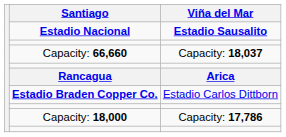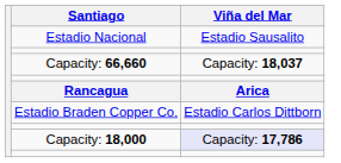 <table class="wikitable" style="text-align:center">
 <tr>
 <th rowspan=10><br></th>
 <th><a href='#'>Santiago</a></th>
 <th><a href='#'>Viña del Mar</a></th>
 </tr>
 <tr>
-<td><strong><a href='#'>Estadio Nacional</a></strong></td>
-<td><strong><a href='#'>Estadio Sausalito</a></strong></td>
+<td><a href='#'>Estadio Nacional</a></td>
+<td><a href='#'>Estadio Sausalito</a></td>
 </tr>
 <tr>
 <td></td>
 <td></td>
 </tr>
 <tr>
 <td>Capacity: <strong>66,660</strong></td>
 <td>Capacity: <strong>18,037</strong></td>
 </tr>
 <tr>
 <td></td>
 <td></td>
 </tr>
 <tr>
 <th><a href='#'>Rancagua</a></th>
 <th><a href='#'>Arica</a></th>
 </tr>
 <tr>
-<td><strong><a href='#'>Estadio Braden Copper Co.</a></strong></td>
+<td><a href='#'>Estadio Braden Copper Co.</a></td>
 <td><a href='#'>Estadio Carlos Dittborn</a></td>
 </tr>
 <tr>
 <td></td>
 <td></td>
 </tr>
 <tr>
 <td>Capacity: <strong>18,000</strong></td>
-<td>Capacity: <strong>17,786</strong></td>
+<td style="background: lavender;">Capacity: <strong>17,786</strong></td>
 </tr>
 <tr>
 <td></td>
 <td></td>
 </tr>
 </table>
